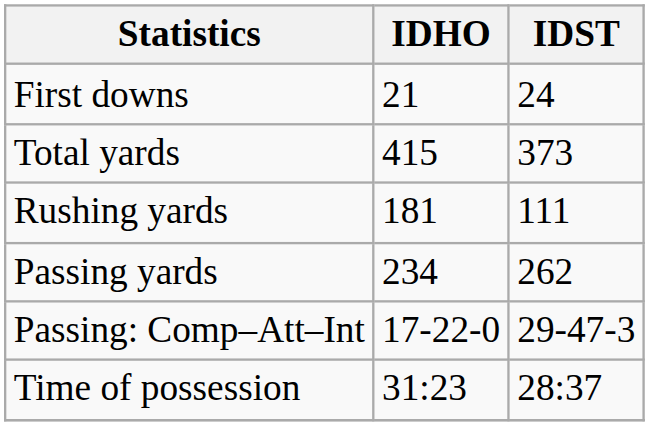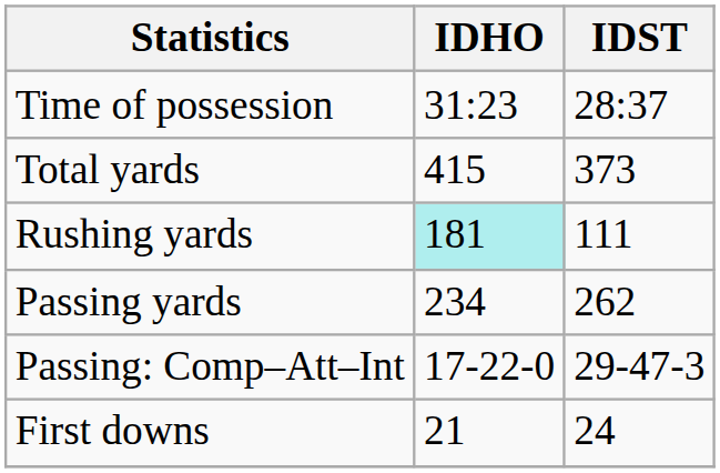 <table class="wikitable" style="float: left;">
 <tr>
 <th>Statistics</th>
 <th>IDHO</th>
 <th>IDST</th>
 </tr>
 <tr>
-<td>First downs</td>
-<td>21</td>
-<td>24</td>
+<td>Time of possession</td>
+<td>31:23</td>
+<td>28:37</td>
 </tr>
 <tr>
 <td>Total yards</td>
 <td>415</td>
 <td>373</td>
 </tr>
 <tr>
 <td>Rushing yards</td>
-<td>181</td>
+<td style="background: paleturquoise;">181</td>
 <td>111</td>
 </tr>
 <tr>
 <td>Passing yards</td>
 <td>234</td>
 <td>262</td>
 </tr>
 <tr>
 <td>Passing: Comp–Att–Int</td>
 <td>17-22-0</td>
 <td>29-47-3</td>
 </tr>
 <tr>
-<td>Time of possession</td>
-<td>31:23</td>
-<td>28:37</td>
+<td>First downs</td>
+<td>21</td>
+<td>24</td>
 </tr>
 <tr>
 </tr>
 </table>
